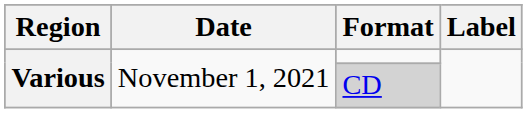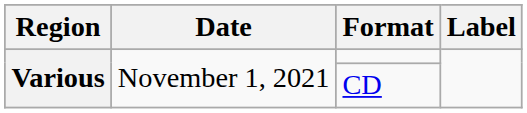 <table class="wikitable plainrowheaders">
 <tr>
 <th>Region</th>
 <th>Date</th>
 <th>Format</th>
 <th>Label</th>
 </tr>
 <tr>
 <th scope="row" rowspan="2">Various</th>
 <td rowspan="2">November 1, 2021</td>
 <td></td>
 <td rowspan="2"></td>
 </tr>
 <tr>
-<td style="background: lightgrey;"><a href='#'>CD</a></td>
+<td><a href='#'>CD</a></td>
 </tr>
 </table>
